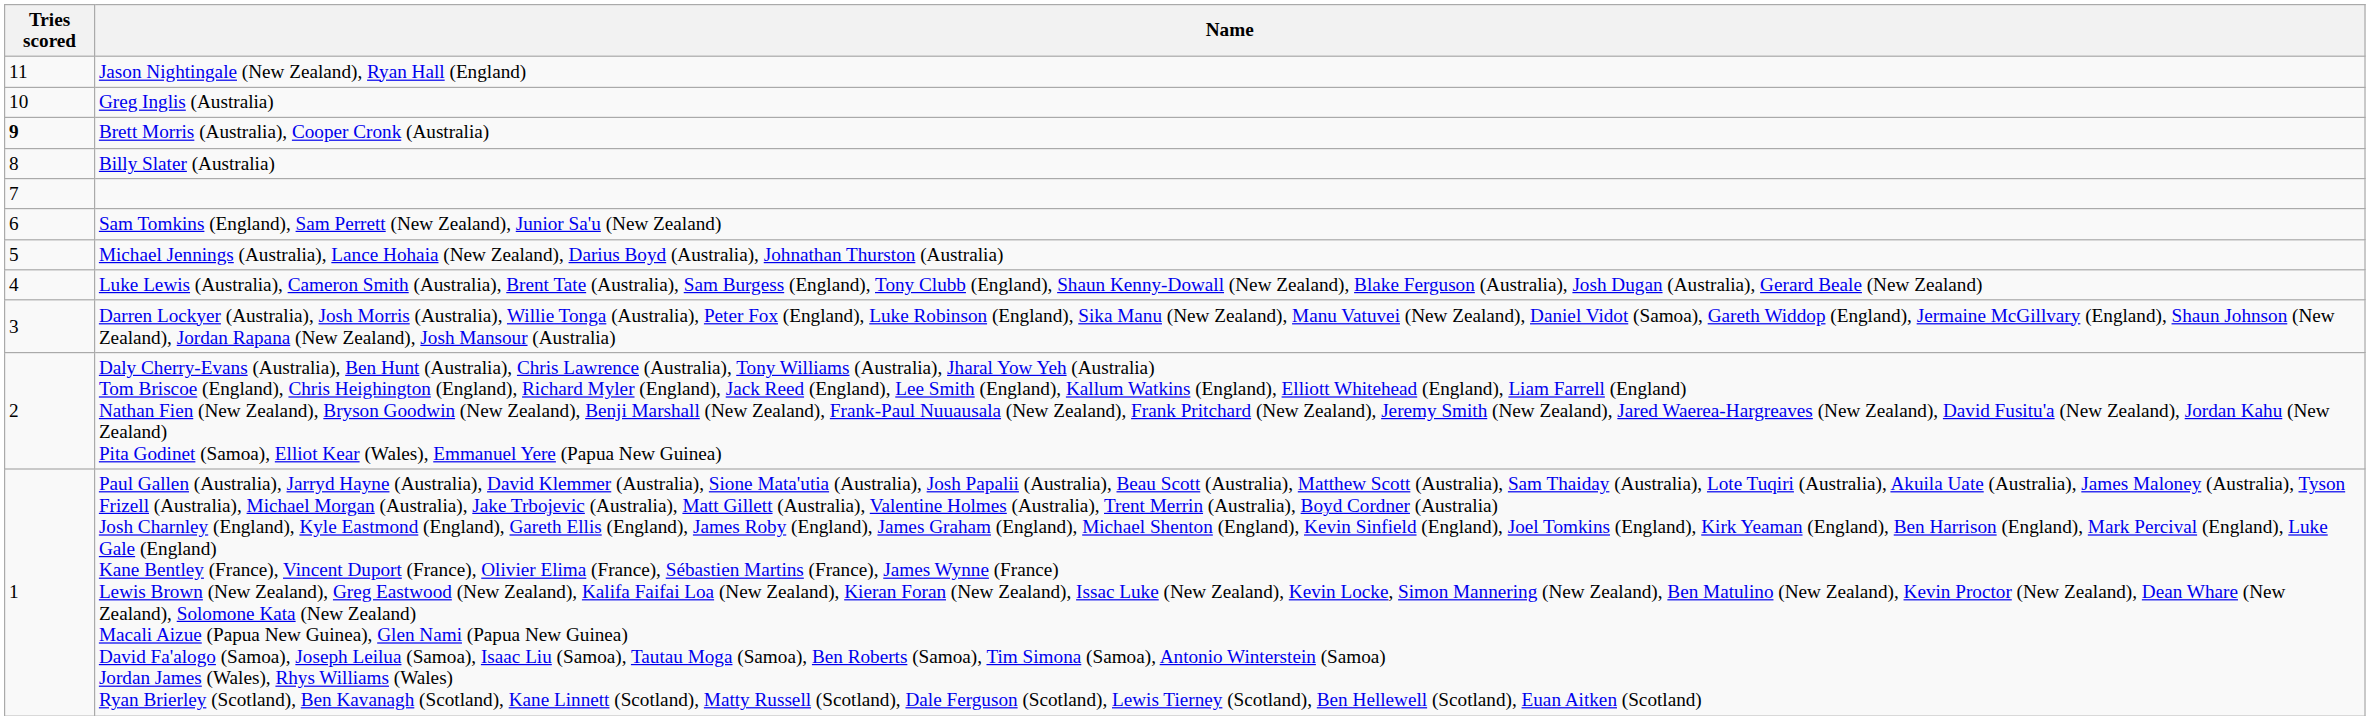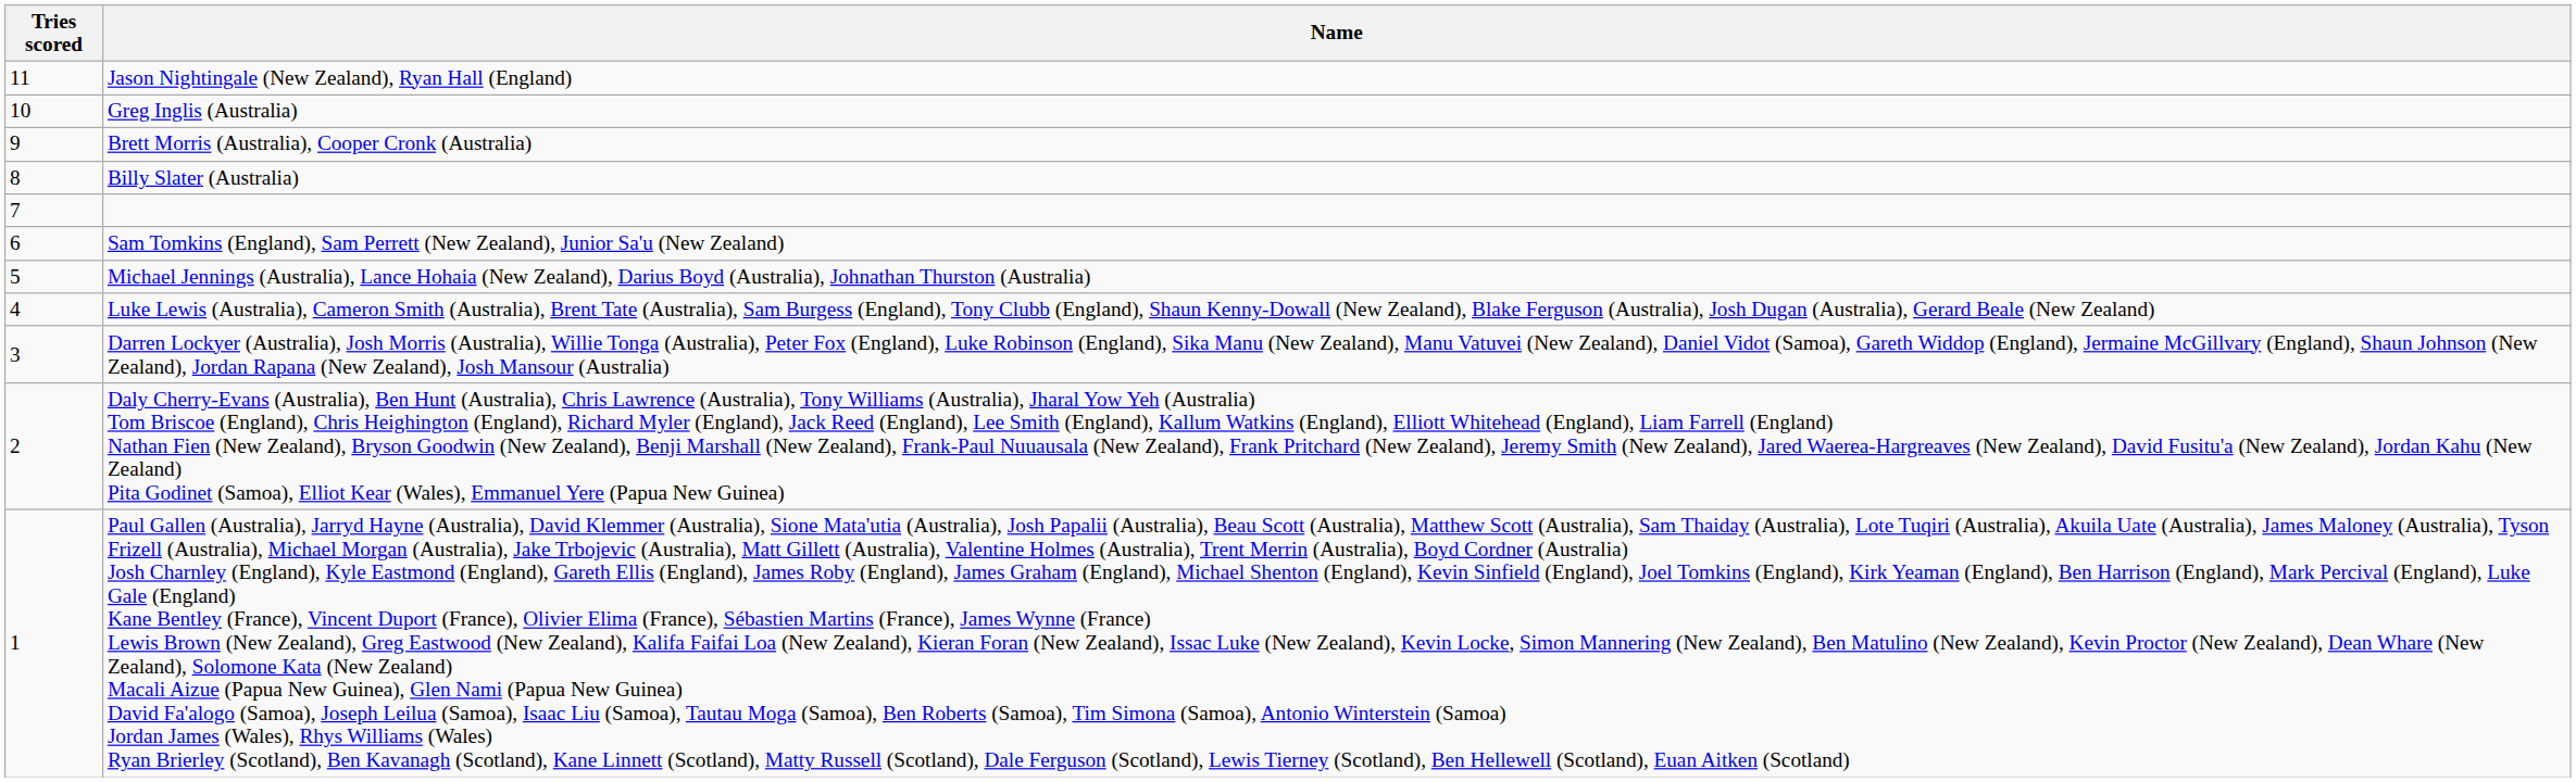 <table class="wikitable">
 <tr>
 <th>Tries scored</th>
 <th>Name</th>
 </tr>
 <tr>
 <td>11</td>
 <td><a href='#'>Jason Nightingale</a> (New Zealand), <a href='#'>Ryan Hall</a> (England)</td>
 </tr>
 <tr>
 <td>10</td>
 <td><a href='#'>Greg Inglis</a> (Australia)</td>
 </tr>
 <tr>
-<td><strong>9</strong></td>
+<td>9</td>
 <td><a href='#'>Brett Morris</a> (Australia), <a href='#'>Cooper Cronk</a> (Australia)</td>
 </tr>
 <tr>
 <td>8</td>
 <td><a href='#'>Billy Slater</a> (Australia)</td>
 </tr>
 <tr>
 <td>7</td>
 <td></td>
 </tr>
 <tr>
 <td>6</td>
 <td><a href='#'>Sam Tomkins</a> (England), <a href='#'>Sam Perrett</a> (New Zealand), <a href='#'>Junior Sa'u</a> (New Zealand)</td>
 </tr>
 <tr>
 <td>5</td>
 <td><a href='#'>Michael Jennings</a> (Australia), <a href='#'>Lance Hohaia</a> (New Zealand), <a href='#'>Darius Boyd</a> (Australia), <a href='#'>Johnathan Thurston</a> (Australia)</td>
 </tr>
 <tr>
 <td>4</td>
 <td><a href='#'>Luke Lewis</a> (Australia), <a href='#'>Cameron Smith</a> (Australia), <a href='#'>Brent Tate</a> (Australia), <a href='#'>Sam Burgess</a> (England), <a href='#'>Tony Clubb</a> (England), <a href='#'>Shaun Kenny-Dowall</a> (New Zealand), <a href='#'>Blake Ferguson</a> (Australia), <a href='#'>Josh Dugan</a> (Australia), <a href='#'>Gerard Beale</a> (New Zealand)</td>
 </tr>
 <tr>
 <td>3</td>
 <td><a href='#'>Darren Lockyer</a> (Australia), <a href='#'>Josh Morris</a> (Australia), <a href='#'>Willie Tonga</a> (Australia), <a href='#'>Peter Fox</a> (England), <a href='#'>Luke Robinson</a> (England), <a href='#'>Sika Manu</a> (New Zealand), <a href='#'>Manu Vatuvei</a> (New Zealand), <a href='#'>Daniel Vidot</a> (Samoa), <a href='#'>Gareth Widdop</a> (England), <a href='#'>Jermaine McGillvary</a> (England), <a href='#'>Shaun Johnson</a> (New Zealand), <a href='#'>Jordan Rapana</a> (New Zealand), <a href='#'>Josh Mansour</a> (Australia)</td>
 </tr>
 <tr>
 <td>2</td>
 <td><a href='#'>Daly Cherry-Evans</a> (Australia), <a href='#'>Ben Hunt</a> (Australia), <a href='#'>Chris Lawrence</a> (Australia), <a href='#'>Tony Williams</a> (Australia), <a href='#'>Jharal Yow Yeh</a> (Australia)<br><a href='#'>Tom Briscoe</a> (England), <a href='#'>Chris Heighington</a> (England), <a href='#'>Richard Myler</a> (England), <a href='#'>Jack Reed</a> (England), <a href='#'>Lee Smith</a> (England), <a href='#'>Kallum Watkins</a> (England), <a href='#'>Elliott Whitehead</a> (England), <a href='#'>Liam Farrell</a> (England)<br><a href='#'>Nathan Fien</a> (New Zealand), <a href='#'>Bryson Goodwin</a> (New Zealand), <a href='#'>Benji Marshall</a> (New Zealand), <a href='#'>Frank-Paul Nuuausala</a> (New Zealand), <a href='#'>Frank Pritchard</a> (New Zealand), <a href='#'>Jeremy Smith</a> (New Zealand), <a href='#'>Jared Waerea-Hargreaves</a> (New Zealand), <a href='#'>David Fusitu'a</a> (New Zealand), <a href='#'>Jordan Kahu</a> (New Zealand)<br><a href='#'>Pita Godinet</a> (Samoa), <a href='#'>Elliot Kear</a> (Wales), <a href='#'>Emmanuel Yere</a> (Papua New Guinea)</td>
 </tr>
 <tr>
 <td>1</td>
 <td><a href='#'>Paul Gallen</a> (Australia), <a href='#'>Jarryd Hayne</a> (Australia), <a href='#'>David Klemmer</a> (Australia), <a href='#'>Sione Mata'utia</a> (Australia), <a href='#'>Josh Papalii</a> (Australia), <a href='#'>Beau Scott</a> (Australia), <a href='#'>Matthew Scott</a> (Australia), <a href='#'>Sam Thaiday</a> (Australia), <a href='#'>Lote Tuqiri</a> (Australia), <a href='#'>Akuila Uate</a> (Australia), <a href='#'>James Maloney</a> (Australia), <a href='#'>Tyson Frizell</a> (Australia), <a href='#'>Michael Morgan</a> (Australia), <a href='#'>Jake Trbojevic</a> (Australia), <a href='#'>Matt Gillett</a> (Australia), <a href='#'>Valentine Holmes</a> (Australia), <a href='#'>Trent Merrin</a> (Australia), <a href='#'>Boyd Cordner</a> (Australia)<br><a href='#'>Josh Charnley</a> (England), <a href='#'>Kyle Eastmond</a> (England), <a href='#'>Gareth Ellis</a> (England), <a href='#'>James Roby</a> (England), <a href='#'>James Graham</a> (England), <a href='#'>Michael Shenton</a> (England), <a href='#'>Kevin Sinfield</a> (England), <a href='#'>Joel Tomkins</a> (England), <a href='#'>Kirk Yeaman</a> (England), <a href='#'>Ben Harrison</a> (England), <a href='#'>Mark Percival</a> (England), <a href='#'>Luke Gale</a> (England)<br><a href='#'>Kane Bentley</a> (France), <a href='#'>Vincent Duport</a> (France), <a href='#'>Olivier Elima</a> (France), <a href='#'>Sébastien Martins</a> (France), <a href='#'>James Wynne</a> (France)<br><a href='#'>Lewis Brown</a> (New Zealand), <a href='#'>Greg Eastwood</a> (New Zealand), <a href='#'>Kalifa Faifai Loa</a> (New Zealand), <a href='#'>Kieran Foran</a> (New Zealand), <a href='#'>Issac Luke</a> (New Zealand), <a href='#'>Kevin Locke</a>, <a href='#'>Simon Mannering</a> (New Zealand), <a href='#'>Ben Matulino</a> (New Zealand), <a href='#'>Kevin Proctor</a> (New Zealand), <a href='#'>Dean Whare</a> (New Zealand), <a href='#'>Solomone Kata</a> (New Zealand)<br><a href='#'>Macali Aizue</a> (Papua New Guinea), <a href='#'>Glen Nami</a> (Papua New Guinea)<br><a href='#'>David Fa'alogo</a> (Samoa), <a href='#'>Joseph Leilua</a> (Samoa), <a href='#'>Isaac Liu</a> (Samoa), <a href='#'>Tautau Moga</a> (Samoa), <a href='#'>Ben Roberts</a> (Samoa), <a href='#'>Tim Simona</a> (Samoa), <a href='#'>Antonio Winterstein</a> (Samoa)<br><a href='#'>Jordan James</a> (Wales), <a href='#'>Rhys Williams</a> (Wales)<br><a href='#'>Ryan Brierley</a> (Scotland), <a href='#'>Ben Kavanagh</a> (Scotland), <a href='#'>Kane Linnett</a> (Scotland), <a href='#'>Matty Russell</a> (Scotland), <a href='#'>Dale Ferguson</a> (Scotland), <a href='#'>Lewis Tierney</a> (Scotland), <a href='#'>Ben Hellewell</a> (Scotland), <a href='#'>Euan Aitken</a> (Scotland)</td>
 </tr>
 </table>
